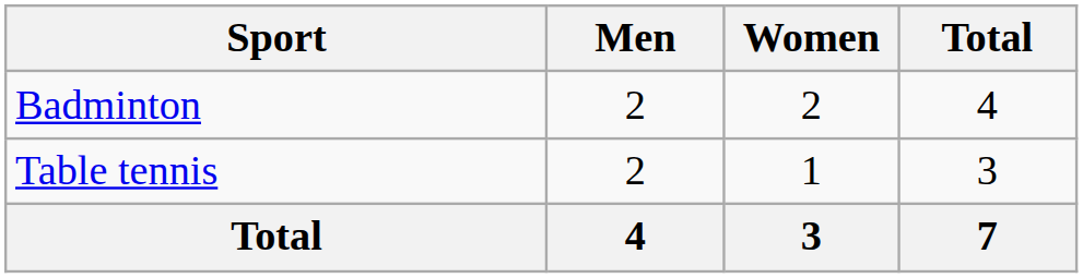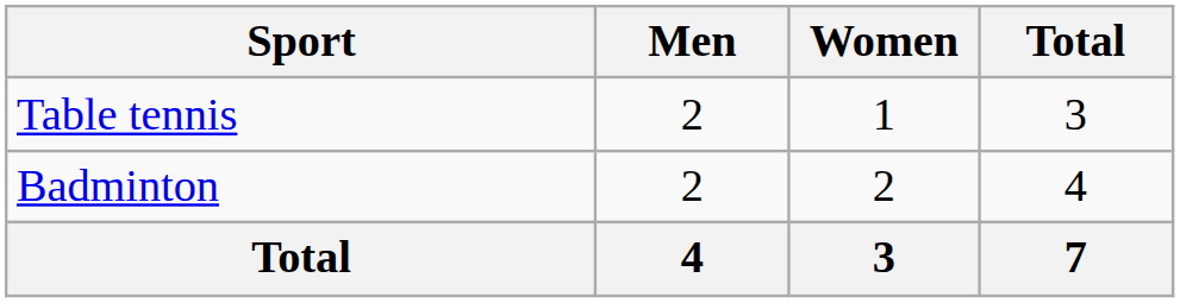 <table class="wikitable" style="text-align:center">
 <tr>
 <th width=200>Sport</th>
 <th width=60>Men</th>
 <th width=60>Women</th>
 <th width=60>Total</th>
 </tr>
 <tr>
+<td align=left><a href='#'>Table tennis</a></td>
+<td>2</td>
+<td>1</td>
+<td>3</td>
+</tr>
+<tr>
 <td align=left><a href='#'>Badminton</a></td>
 <td>2</td>
 <td>2</td>
 <td>4</td>
-</tr>
-<tr>
-<td align=left><a href='#'>Table tennis</a></td>
-<td>2</td>
-<td>1</td>
-<td>3</td>
 </tr>
 <tr>
 <th align=left>Total</th>
 <th>4</th>
 <th>3</th>
 <th>7</th>
 </tr>
 </table>
